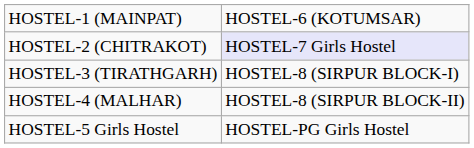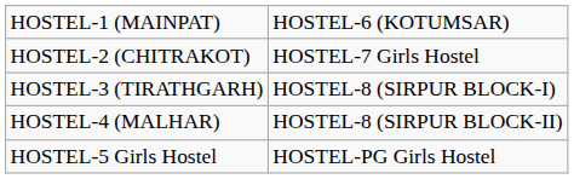 <table class="wikitable">
 <tr>
 <td>HOSTEL-1 (MAINPAT)</td>
 <td>HOSTEL-6 (KOTUMSAR)</td>
 </tr>
 <tr>
 <td>HOSTEL-2 (CHITRAKOT)</td>
-<td style="background: lavender;">HOSTEL-7 Girls Hostel</td>
+<td>HOSTEL-7 Girls Hostel</td>
 </tr>
 <tr>
 <td>HOSTEL-3 (TIRATHGARH)</td>
 <td>HOSTEL-8 (SIRPUR BLOCK-I)</td>
 </tr>
 <tr>
 <td>HOSTEL-4 (MALHAR)</td>
 <td>HOSTEL-8 (SIRPUR BLOCK-II)</td>
 </tr>
 <tr>
 <td>HOSTEL-5 Girls Hostel</td>
 <td>HOSTEL-PG Girls Hostel</td>
 </tr>
 </table>
